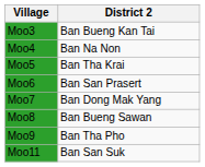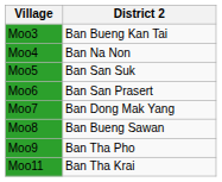 <table class="wikitable" style="width:32%; display:inline-table;">
 <tr>
 <th scope="col" style="width:4%;">Village</th>
 <th scope="col" style="width:28%;">District 2</th>
 </tr>
 <tr>
 <td style="background:#2ca02c;">Moo3</td>
 <td>Ban Bueng Kan Tai</td>
 </tr>
 <tr>
 <td style="background:#2ca02c;">Moo4</td>
 <td>Ban Na Non</td>
 </tr>
 <tr>
 <td style="background:#2ca02c;">Moo5</td>
-<td>Ban Tha Krai</td>
+<td>Ban San Suk</td>
 </tr>
 <tr>
 <td style="background:#2ca02c;">Moo6</td>
 <td>Ban San Prasert</td>
 </tr>
 <tr>
 <td style="background:#2ca02c;">Moo7</td>
 <td>Ban Dong Mak Yang</td>
 </tr>
 <tr>
 <td style="background:#2ca02c;">Moo8</td>
 <td>Ban Bueng Sawan</td>
 </tr>
 <tr>
 <td style="background:#2ca02c;">Moo9</td>
 <td>Ban Tha Pho</td>
 </tr>
 <tr>
 <td style="background:#2ca02c;">Moo11</td>
-<td>Ban San Suk</td>
+<td>Ban Tha Krai</td>
 </tr>
 </table>
